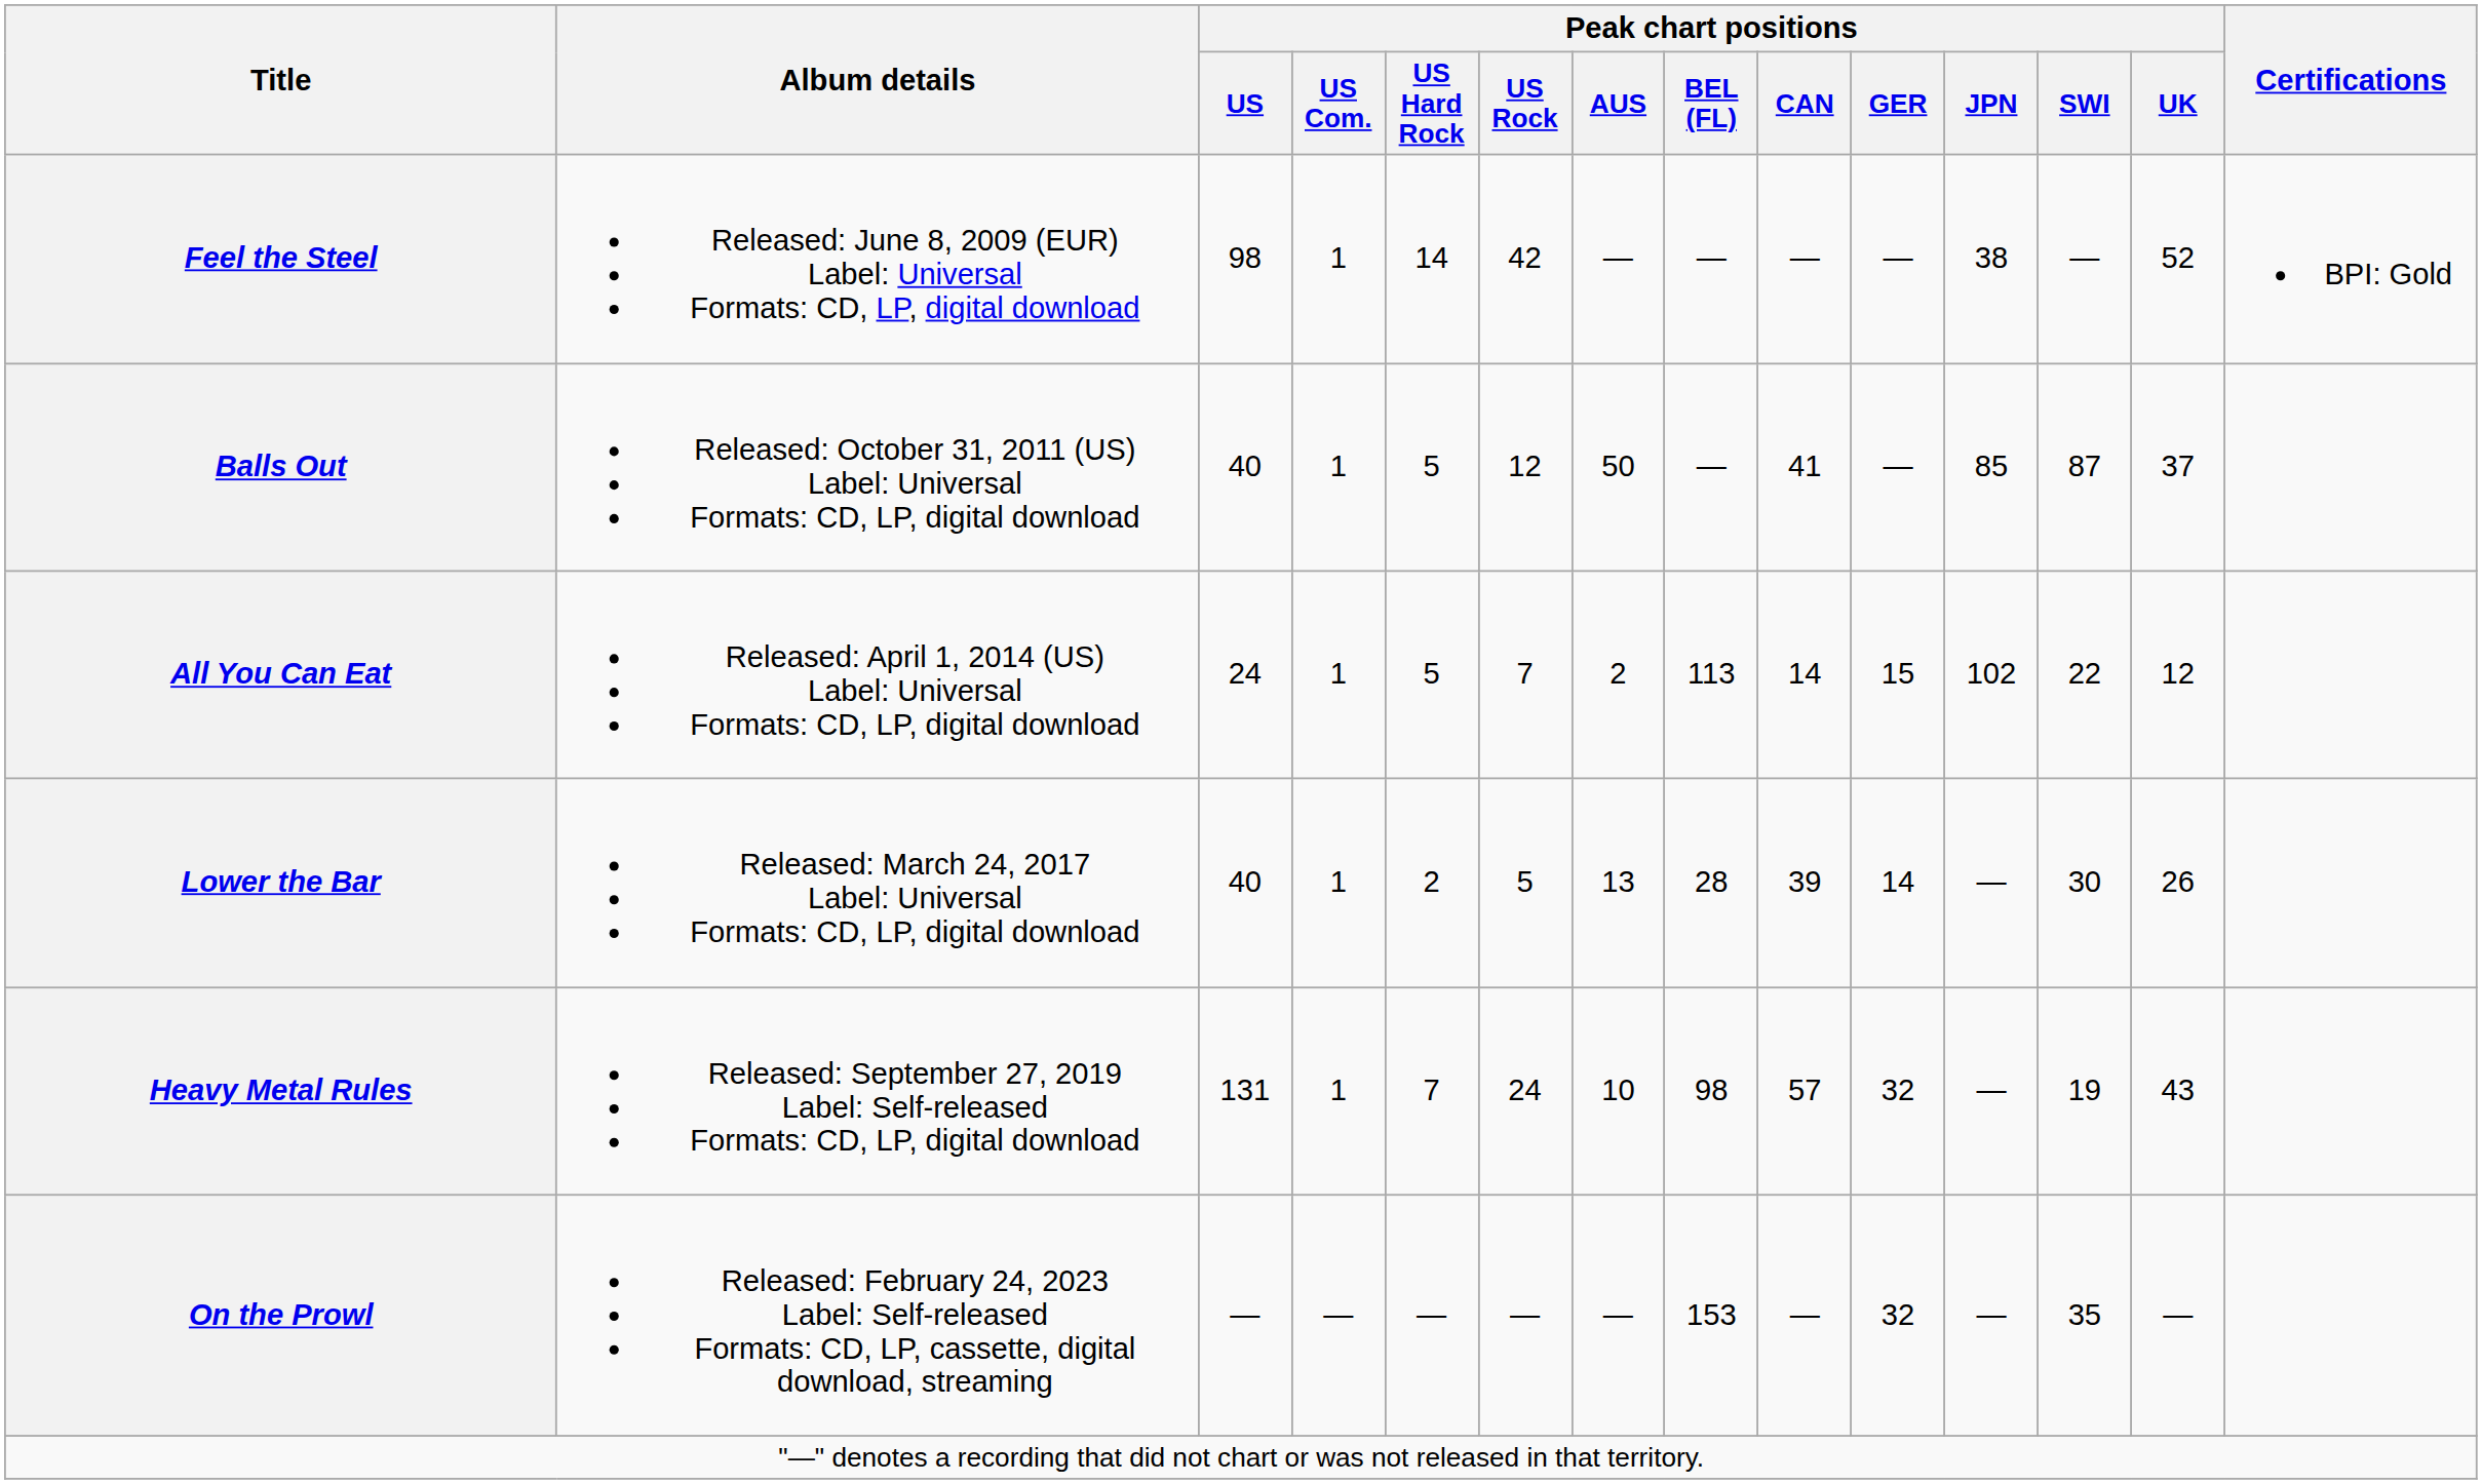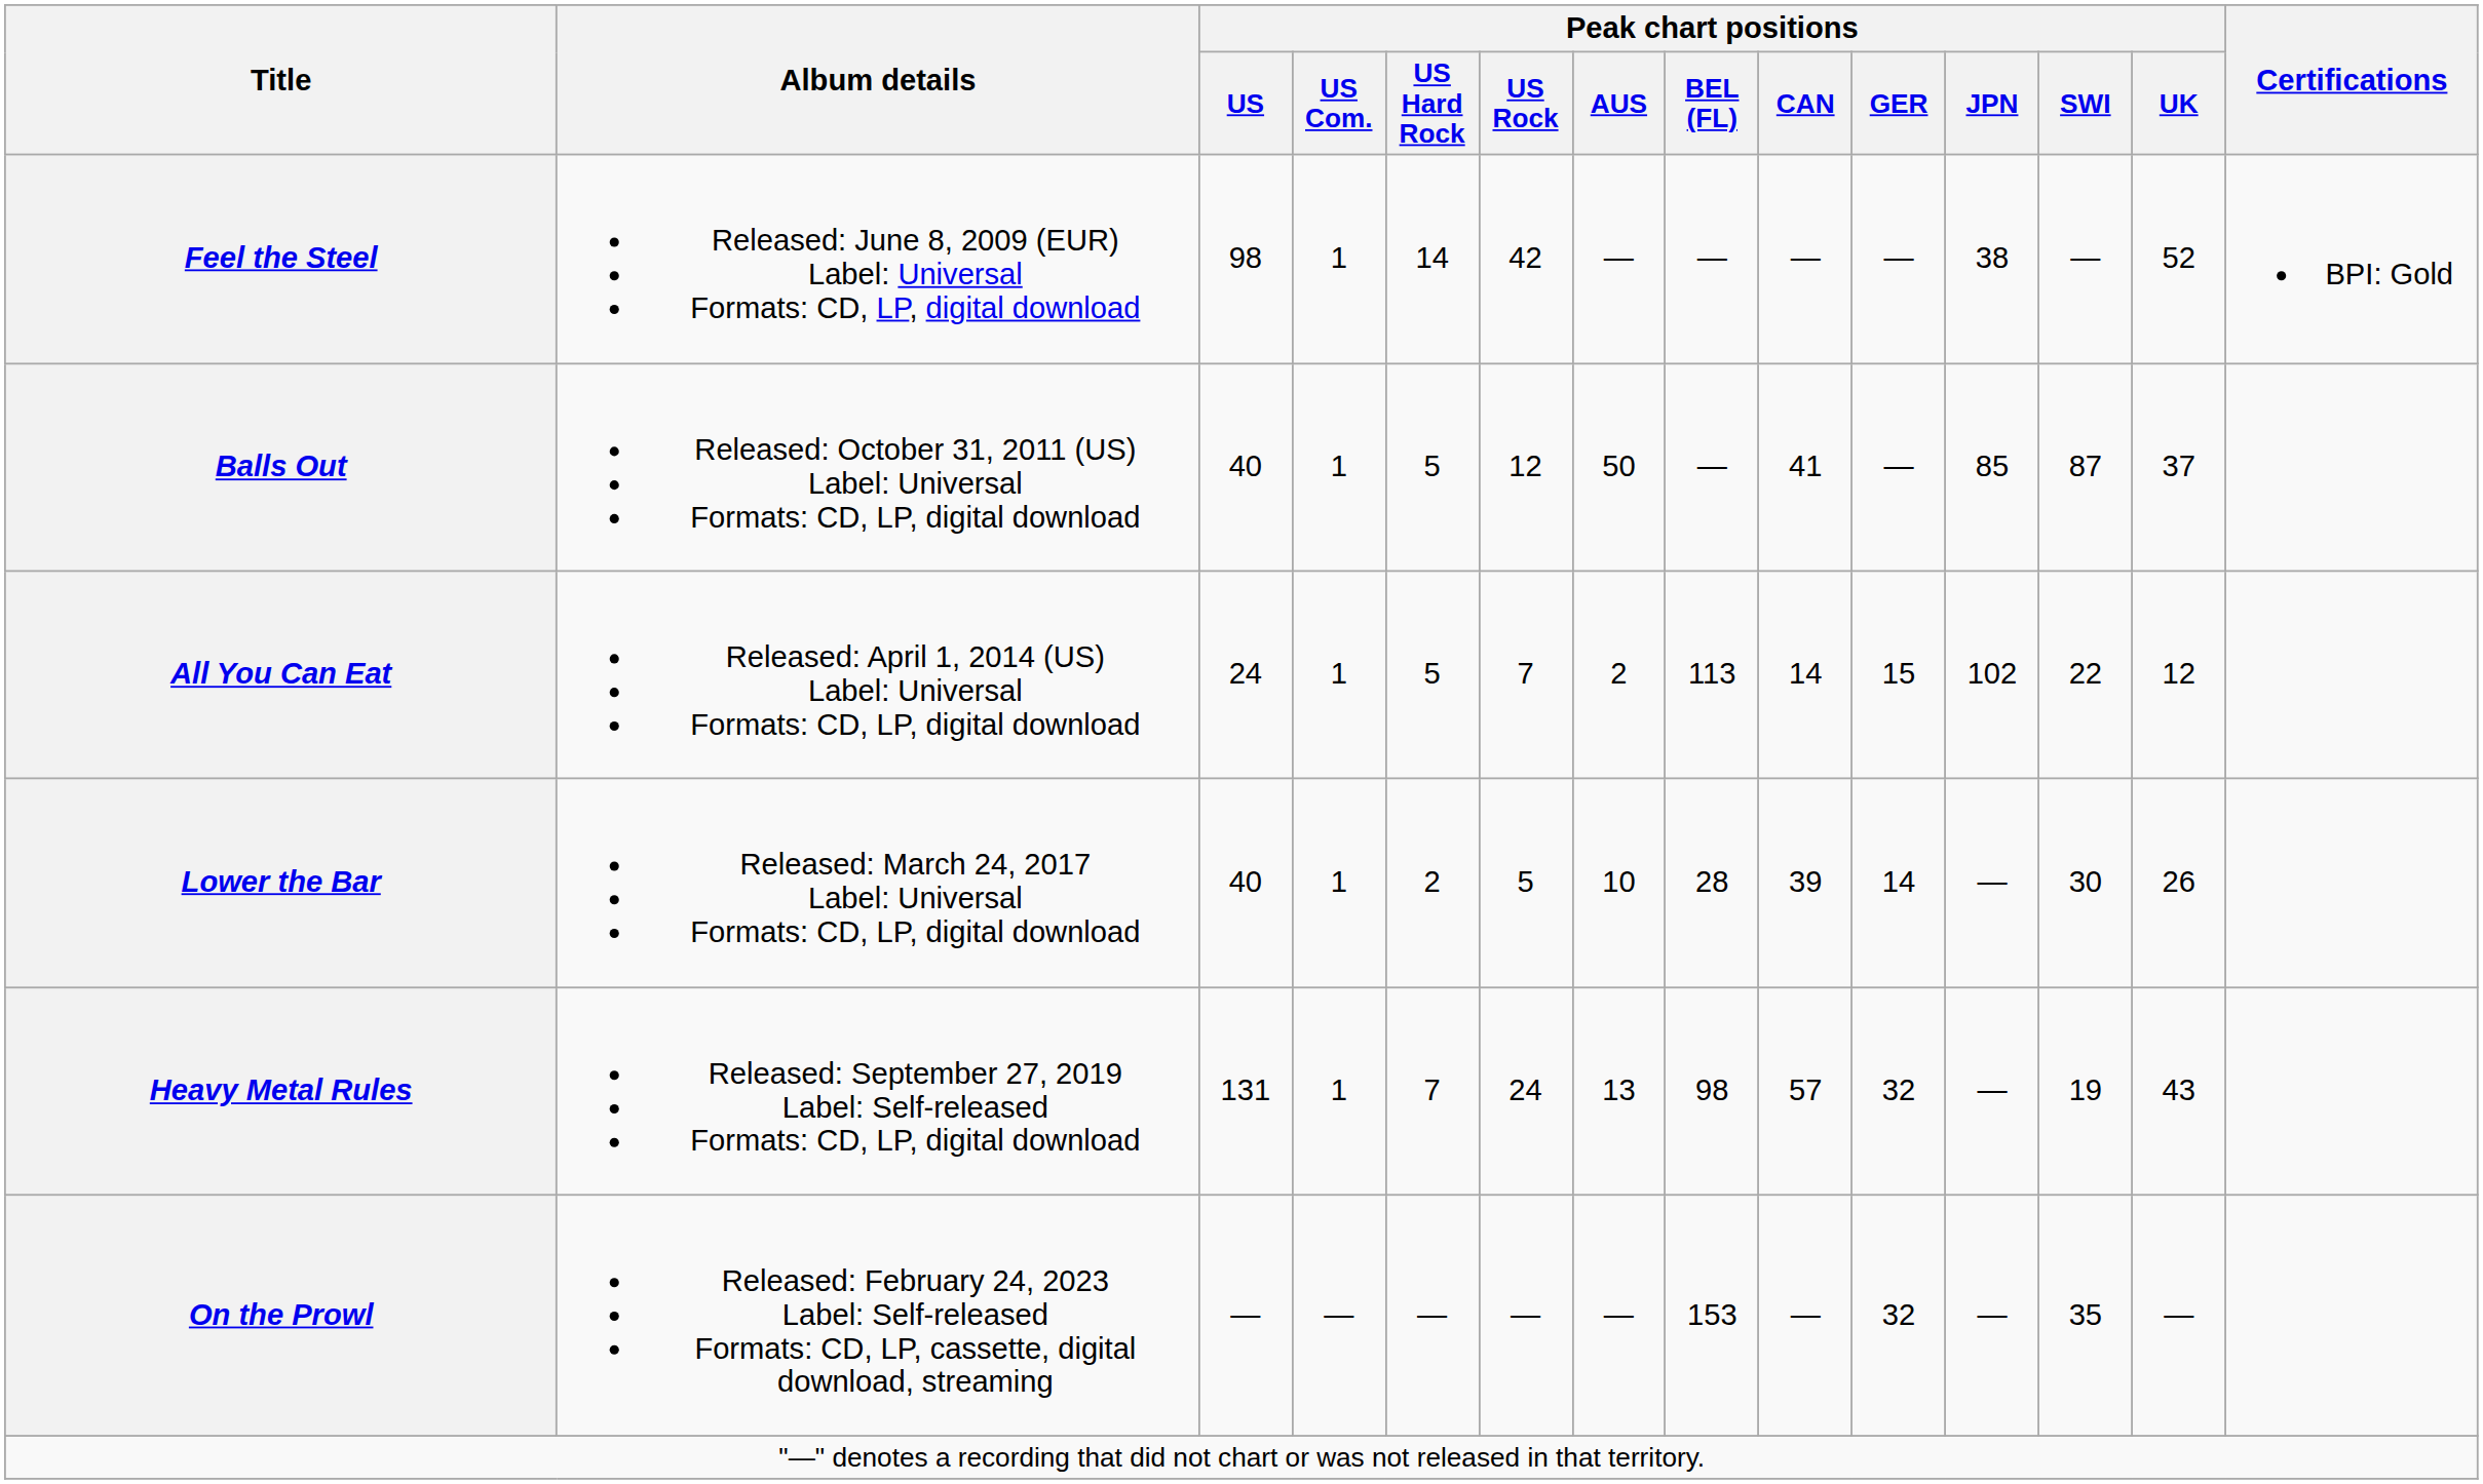 <table class="wikitable plainrowheaders" style="text-align:center;">
 <tr>
 <th scope="col" rowspan="2" style="width:18em;">Title</th>
 <th scope="col" rowspan="2" style="width:21em;">Album details</th>
 <th scope="col" colspan="11">Peak chart positions</th>
 <th scope="col" rowspan="2" style="width:8em;"><a href='#'>Certifications</a></th>
 </tr>
 <tr>
 <th scope="col" style="width:3em;font-size:90%;"><a href='#'>US</a><br></th>
 <th scope="col" style="width:3em;font-size:90%;"><a href='#'>US<br>Com.</a><br></th>
 <th scope="col" style="width:3em;font-size:90%;"><a href='#'>US<br>Hard Rock</a><br></th>
 <th scope="col" style="width:3em;font-size:90%;"><a href='#'>US<br>Rock</a><br></th>
 <th scope="col" style="width:3em;font-size:90%;"><a href='#'>AUS</a><br></th>
 <th scope="col" style="width:3em;font-size:90%;"><a href='#'>BEL<br>(FL)</a><br></th>
 <th scope="col" style="width:3em;font-size:90%;"><a href='#'>CAN</a><br></th>
 <th scope="col" style="width:3em;font-size:90%;"><a href='#'>GER</a><br></th>
 <th scope="col" style="width:3em;font-size:90%;"><a href='#'>JPN</a><br></th>
 <th scope="col" style="width:3em;font-size:90%;"><a href='#'>SWI</a><br></th>
 <th scope="col" style="width:3em;font-size:90%;"><a href='#'>UK</a><br></th>
 </tr>
 <tr>
 <th scope="row"><em><a href='#'>Feel the Steel</a></em></th>
 <td><br><ul><li>Released: June 8, 2009 <span>(EUR)</span></li><li>Label: <a href='#'>Universal</a></li><li>Formats: CD, <a href='#'>LP</a>, <a href='#'>digital download</a></li></ul></td>
 <td>98</td>
 <td>1</td>
 <td>14</td>
 <td>42</td>
 <td>—</td>
 <td>—</td>
 <td>—</td>
 <td>—</td>
 <td>38</td>
 <td>—</td>
 <td>52</td>
 <td><br><ul><li>BPI: Gold</li></ul></td>
 </tr>
 <tr>
 <th scope="row"><em><a href='#'>Balls Out</a></em></th>
 <td><br><ul><li>Released: October 31, 2011 <span>(US)</span></li><li>Label: Universal</li><li>Formats: CD, LP, digital download</li></ul></td>
 <td>40</td>
 <td>1</td>
 <td>5</td>
 <td>12</td>
 <td>50</td>
 <td>—</td>
 <td>41</td>
 <td>—</td>
 <td>85</td>
 <td>87</td>
 <td>37</td>
 <td></td>
 </tr>
 <tr>
 <th scope="row"><em><a href='#'>All You Can Eat</a></em></th>
 <td><br><ul><li>Released: April 1, 2014 <span>(US)</span></li><li>Label: Universal</li><li>Formats: CD, LP, digital download</li></ul></td>
 <td>24</td>
 <td>1</td>
 <td>5</td>
 <td>7</td>
 <td>2</td>
 <td>113</td>
 <td>14</td>
 <td>15</td>
 <td>102</td>
 <td>22</td>
 <td>12</td>
 <td></td>
 </tr>
 <tr>
 <th scope="row"><em><a href='#'>Lower the Bar</a></em></th>
 <td><br><ul><li>Released: March 24, 2017</li><li>Label: Universal</li><li>Formats: CD, LP, digital download</li></ul></td>
 <td>40</td>
 <td>1</td>
 <td>2</td>
 <td>5</td>
-<td>13</td>
+<td>10</td>
 <td>28</td>
 <td>39</td>
 <td>14</td>
 <td>—</td>
 <td>30</td>
 <td>26</td>
 <td></td>
 </tr>
 <tr>
 <th scope="row"><em><a href='#'>Heavy Metal Rules</a></em></th>
 <td><br><ul><li>Released: September 27, 2019</li><li>Label: Self-released</li><li>Formats: CD, LP, digital download</li></ul></td>
 <td>131</td>
 <td>1</td>
 <td>7</td>
 <td>24</td>
-<td>10</td>
+<td>13</td>
 <td>98</td>
 <td>57</td>
 <td>32</td>
 <td>—</td>
 <td>19</td>
 <td>43</td>
 <td></td>
 </tr>
 <tr>
 <th scope="row"><em><a href='#'>On the Prowl</a></em></th>
 <td><br><ul><li>Released: February 24, 2023</li><li>Label: Self-released</li><li>Formats: CD, LP, cassette, digital download, streaming</li></ul></td>
 <td>—</td>
 <td>—</td>
 <td>—</td>
 <td>—</td>
 <td>—</td>
 <td>153</td>
 <td>—</td>
 <td>32</td>
 <td>—</td>
 <td>35</td>
 <td>—</td>
 <td></td>
 </tr>
 <tr>
 <td colspan="14" style="font-size:90%">"—" denotes a recording that did not chart or was not released in that territory.</td>
 </tr>
 </table>
